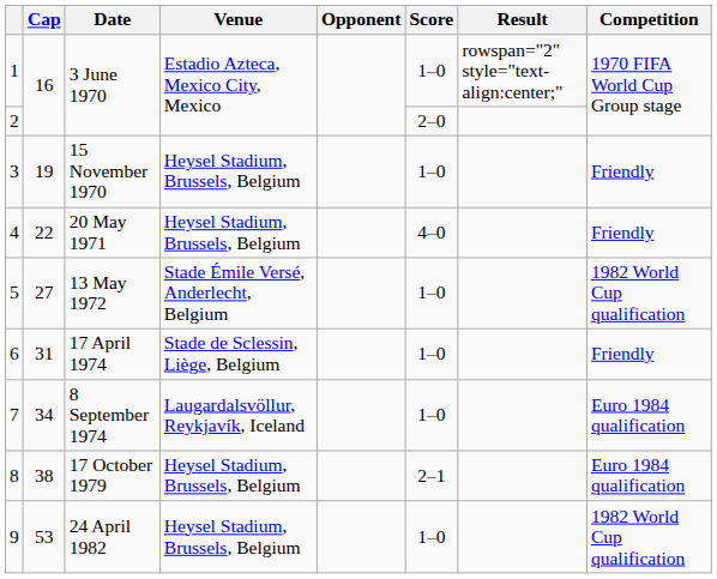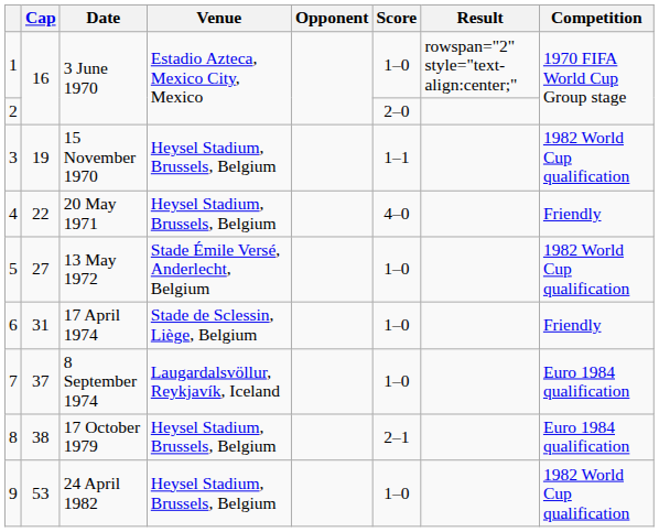 <table class="wikitable sortable">
 <tr>
 <th scope="col"></th>
 <th scope="col"><a href='#'>Cap</a></th>
 <th scope="col">Date</th>
 <th scope="col">Venue</th>
 <th scope="col">Opponent</th>
 <th scope="col">Score</th>
 <th scope="col">Result</th>
 <th scope="col">Competition</th>
 </tr>
 <tr>
 <td align="center">1</td>
 <td rowspan="2" align="center">16</td>
 <td rowspan="2">3 June 1970</td>
 <td rowspan="2"><a href='#'>Estadio Azteca</a>, <a href='#'>Mexico City</a>, Mexico</td>
 <td rowspan="2"></td>
 <td align="center">1–0</td>
 <td>rowspan="2" style="text-align:center;" </td>
 <td rowspan="2"><a href='#'>1970 FIFA World Cup</a> Group stage</td>
 </tr>
 <tr>
 <td align="center">2</td>
 <td align="center">2–0</td>
 </tr>
 <tr>
 <td align="center">3</td>
 <td align="center">19</td>
 <td>15 November 1970</td>
 <td><a href='#'>Heysel Stadium</a>, <a href='#'>Brussels</a>, Belgium</td>
 <td></td>
-<td align="center">1–0</td>
+<td align="center">1–1</td>
 <td></td>
-<td><a href='#'>Friendly</a></td>
+<td><a href='#'>1982 World Cup qualification</a></td>
 </tr>
 <tr>
 <td align="center">4</td>
 <td align="center">22</td>
 <td>20 May 1971</td>
 <td><a href='#'>Heysel Stadium</a>, <a href='#'>Brussels</a>, Belgium</td>
 <td></td>
 <td align="center">4–0</td>
 <td></td>
 <td><a href='#'>Friendly</a></td>
 </tr>
 <tr>
 <td align="center">5</td>
 <td align="center">27</td>
 <td>13 May 1972</td>
 <td><a href='#'>Stade Émile Versé</a>, <a href='#'>Anderlecht</a>, Belgium</td>
 <td></td>
 <td align="center">1–0</td>
 <td></td>
 <td><a href='#'>1982 World Cup qualification</a></td>
 </tr>
 <tr>
 <td align="center">6</td>
 <td align="center">31</td>
 <td>17 April 1974</td>
 <td><a href='#'>Stade de Sclessin</a>, <a href='#'>Liège</a>, Belgium</td>
 <td></td>
 <td align="center">1–0</td>
 <td></td>
 <td><a href='#'>Friendly</a></td>
 </tr>
 <tr>
 <td align="center">7</td>
-<td align="center">34</td>
+<td align="center">37</td>
 <td>8 September 1974</td>
 <td><a href='#'>Laugardalsvöllur</a>, <a href='#'>Reykjavík</a>, Iceland</td>
 <td></td>
 <td align="center">1–0</td>
 <td></td>
 <td><a href='#'>Euro 1984 qualification</a></td>
 </tr>
 <tr>
 <td align="center">8</td>
 <td align="center">38</td>
 <td>17 October 1979</td>
 <td><a href='#'>Heysel Stadium</a>, <a href='#'>Brussels</a>, Belgium</td>
 <td></td>
 <td align="center">2–1</td>
 <td></td>
 <td><a href='#'>Euro 1984 qualification</a></td>
 </tr>
 <tr>
 <td align="center">9</td>
 <td align="center">53</td>
 <td>24 April 1982</td>
 <td><a href='#'>Heysel Stadium</a>, <a href='#'>Brussels</a>, Belgium</td>
 <td></td>
 <td align="center">1–0</td>
 <td></td>
 <td><a href='#'>1982 World Cup qualification</a></td>
 </tr>
 </table>
